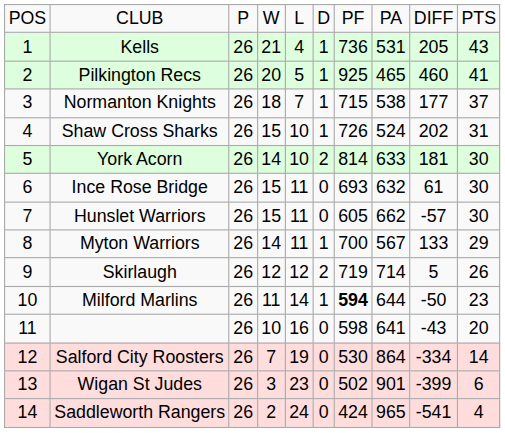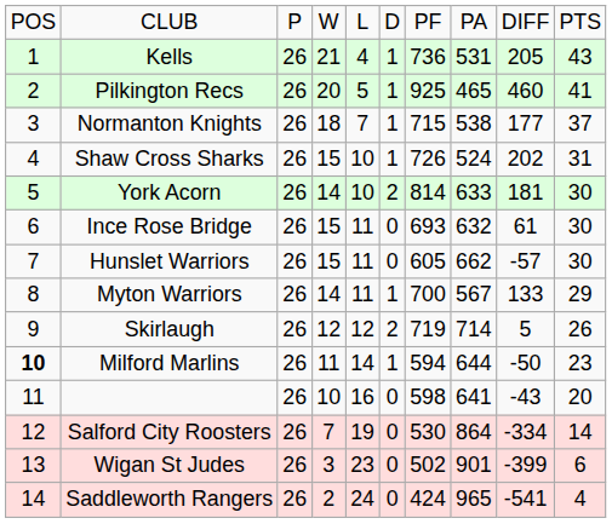 <table class="wikitable" style="text-align: center;">
 <tr>
 <td>POS</td>
 <td>CLUB</td>
 <td>P</td>
 <td>W</td>
 <td>L</td>
 <td>D</td>
 <td>PF</td>
 <td>PA</td>
 <td>DIFF</td>
 <td>PTS</td>
 </tr>
 <tr style="background:#ddffdd;">
 <td>1</td>
 <td>Kells</td>
 <td>26</td>
 <td>21</td>
 <td>4</td>
 <td>1</td>
 <td>736</td>
 <td>531</td>
 <td>205</td>
 <td>43</td>
 </tr>
 <tr style="background:#ddffdd;">
 <td>2</td>
 <td>Pilkington Recs</td>
 <td>26</td>
 <td>20</td>
 <td>5</td>
 <td>1</td>
 <td>925</td>
 <td>465</td>
 <td>460</td>
 <td>41</td>
 </tr>
 <tr>
 <td>3</td>
 <td>Normanton Knights</td>
 <td>26</td>
 <td>18</td>
 <td>7</td>
 <td>1</td>
 <td>715</td>
 <td>538</td>
 <td>177</td>
 <td>37</td>
 </tr>
 <tr>
 <td>4</td>
 <td>Shaw Cross Sharks</td>
 <td>26</td>
 <td>15</td>
 <td>10</td>
 <td>1</td>
 <td>726</td>
 <td>524</td>
 <td>202</td>
 <td>31</td>
 </tr>
 <tr style="background:#ddffdd;">
 <td>5</td>
 <td>York Acorn</td>
 <td>26</td>
 <td>14</td>
 <td>10</td>
 <td>2</td>
 <td>814</td>
 <td>633</td>
 <td>181</td>
 <td>30</td>
 </tr>
 <tr>
 <td>6</td>
 <td>Ince Rose Bridge</td>
 <td>26</td>
 <td>15</td>
 <td>11</td>
 <td>0</td>
 <td>693</td>
 <td>632</td>
 <td>61</td>
 <td>30</td>
 </tr>
 <tr>
 <td>7</td>
 <td>Hunslet Warriors</td>
 <td>26</td>
 <td>15</td>
 <td>11</td>
 <td>0</td>
 <td>605</td>
 <td>662</td>
 <td>-57</td>
 <td>30</td>
 </tr>
 <tr>
 <td>8</td>
 <td>Myton Warriors</td>
 <td>26</td>
 <td>14</td>
 <td>11</td>
 <td>1</td>
 <td>700</td>
 <td>567</td>
 <td>133</td>
 <td>29</td>
 </tr>
 <tr>
 <td>9</td>
 <td>Skirlaugh</td>
 <td>26</td>
 <td>12</td>
 <td>12</td>
 <td>2</td>
 <td>719</td>
 <td>714</td>
 <td>5</td>
 <td>26</td>
 </tr>
 <tr>
-<td>10</td>
+<td><strong>10</strong></td>
 <td>Milford Marlins</td>
 <td>26</td>
 <td>11</td>
 <td>14</td>
 <td>1</td>
-<td><strong>594</strong></td>
+<td>594</td>
 <td>644</td>
 <td>-50</td>
 <td>23</td>
 </tr>
 <tr>
 <td>11</td>
 <td></td>
 <td>26</td>
 <td>10</td>
 <td>16</td>
 <td>0</td>
 <td>598</td>
 <td>641</td>
 <td>-43</td>
 <td>20</td>
 </tr>
 <tr style="background:#ffdddd;">
 <td>12</td>
 <td>Salford City Roosters</td>
 <td>26</td>
 <td>7</td>
 <td>19</td>
 <td>0</td>
 <td>530</td>
 <td>864</td>
 <td>-334</td>
 <td>14</td>
 </tr>
 <tr style="background:#ffdddd;">
 <td>13</td>
 <td>Wigan St Judes</td>
 <td>26</td>
 <td>3</td>
 <td>23</td>
 <td>0</td>
 <td>502</td>
 <td>901</td>
 <td>-399</td>
 <td>6</td>
 </tr>
 <tr style="background:#ffdddd;">
 <td>14</td>
 <td>Saddleworth Rangers</td>
 <td>26</td>
 <td>2</td>
 <td>24</td>
 <td>0</td>
 <td>424</td>
 <td>965</td>
 <td>-541</td>
 <td>4</td>
 </tr>
 </table>
